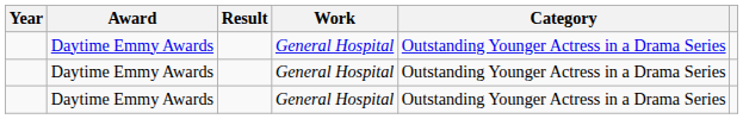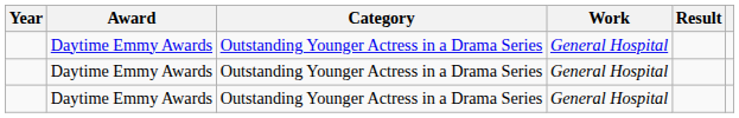 <table class="wikitable sortable plainrowheaders">
 <tr>
 <th>Year</th>
 <th>Award</th>
+<th>Category</th>
+<th>Work</th>
 <th>Result</th>
-<th>Work</th>
-<th>Category</th>
 <th scope="col" class="unsortable"></th>
 </tr>
 <tr>
 <td></td>
 <td><a href='#'>Daytime Emmy Awards</a></td>
+<td><a href='#'>Outstanding Younger Actress in a Drama Series</a></td>
+<td><em><a href='#'>General Hospital</a></em></td>
 <td></td>
-<td><em><a href='#'>General Hospital</a></em></td>
-<td><a href='#'>Outstanding Younger Actress in a Drama Series</a></td>
 <td></td>
 </tr>
 <tr>
 <td></td>
 <td>Daytime Emmy Awards</td>
+<td>Outstanding Younger Actress in a Drama Series</td>
+<td><em>General Hospital</em></td>
 <td></td>
-<td><em>General Hospital</em></td>
-<td>Outstanding Younger Actress in a Drama Series</td>
 <td></td>
 </tr>
 <tr>
 <td></td>
 <td>Daytime Emmy Awards</td>
+<td>Outstanding Younger Actress in a Drama Series</td>
+<td><em>General Hospital</em></td>
 <td></td>
-<td><em>General Hospital</em></td>
-<td>Outstanding Younger Actress in a Drama Series</td>
 <td></td>
 </tr>
 </table>
